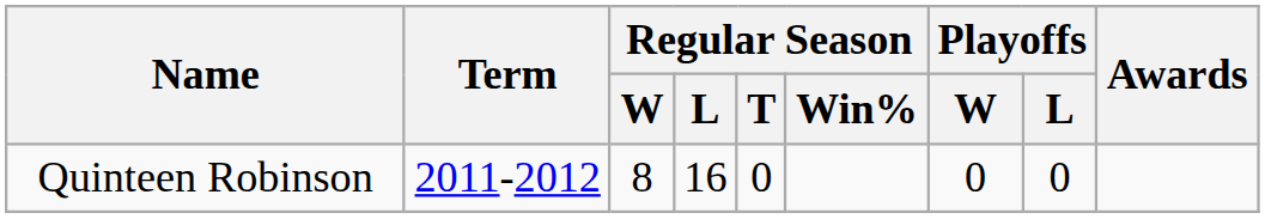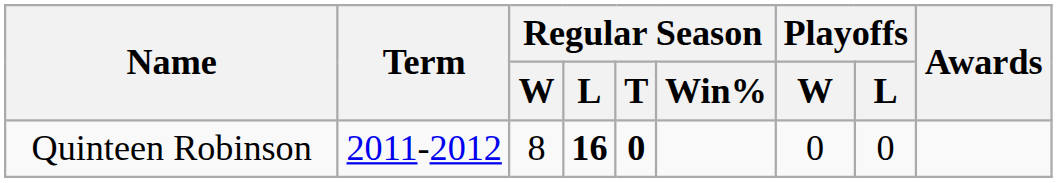 <table class="wikitable">
 <tr>
 <th rowspan="2" style="width:140px;">Name</th>
 <th rowspan="2">Term</th>
 <th colspan="4">Regular Season</th>
 <th colspan="2">Playoffs</th>
 <th rowspan="2">Awards</th>
 </tr>
 <tr>
 <th>W</th>
 <th>L</th>
 <th>T</th>
 <th>Win%</th>
 <th>W</th>
 <th>L</th>
 </tr>
 <tr>
 <td style="text-align:center;">Quinteen Robinson</td>
 <td style="text-align:center;"><a href='#'>2011</a>-<a href='#'>2012</a></td>
 <td style="text-align:center;">8</td>
-<td style="text-align:center;">16</td>
-<td style="text-align:center;">0</td>
+<td style="text-align:center;"><strong>16</strong></td>
+<td style="text-align:center;"><strong>0</strong></td>
 <td style="text-align:center;"></td>
 <td style="text-align:center;">0</td>
 <td style="text-align:center;">0</td>
 <td style="text-align:center;"></td>
 </tr>
 </table>
